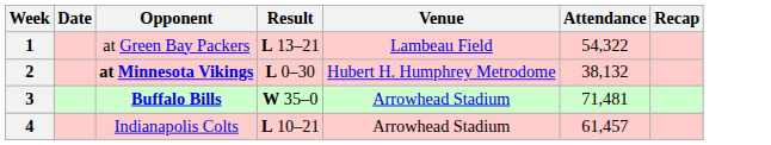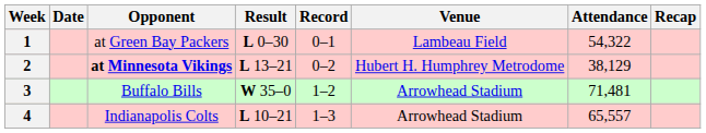 <table class="wikitable" style="text-align:center">
 <tr>
 <th>Week</th>
 <th>Date</th>
 <th>Opponent</th>
 <th>Result</th>
+<th>Record</th>
 <th>Venue</th>
 <th>Attendance</th>
 <th>Recap</th>
 </tr>
 <tr style="background:#fcc">
 <th>1</th>
 <td></td>
 <td>at <a href='#'>Green Bay Packers</a></td>
-<td><strong>L</strong> 13–21</td>
+<td><strong>L</strong> 0–30</td>
+<td>0–1</td>
 <td><a href='#'>Lambeau Field</a></td>
 <td>54,322</td>
 <td></td>
 </tr>
 <tr style="background:#fcc">
 <th>2</th>
 <td></td>
 <td><strong>at <a href='#'>Minnesota Vikings</a></strong></td>
-<td><strong>L</strong> 0–30</td>
+<td><strong>L</strong> 13–21</td>
+<td>0–2</td>
 <td><a href='#'>Hubert H. Humphrey Metrodome</a></td>
-<td>38,132</td>
+<td>38,129</td>
 <td></td>
 </tr>
 <tr style="background:#cfc">
 <th>3</th>
 <td></td>
-<td><strong><a href='#'>Buffalo Bills</a></strong></td>
+<td><a href='#'>Buffalo Bills</a></td>
 <td><strong>W</strong> 35–0</td>
+<td>1–2</td>
 <td><a href='#'>Arrowhead Stadium</a></td>
 <td>71,481</td>
 <td></td>
 </tr>
 <tr style="background:#fcc">
 <th>4</th>
 <td></td>
 <td><a href='#'>Indianapolis Colts</a></td>
 <td><strong>L</strong> 10–21</td>
+<td>1–3</td>
 <td>Arrowhead Stadium</td>
-<td>61,457</td>
+<td>65,557</td>
 <td></td>
 </tr>
 </table>
